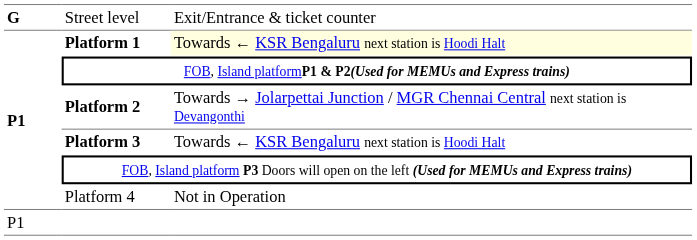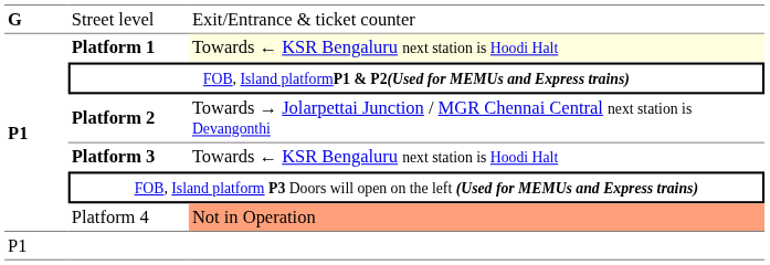 <table border="0" cellspacing="0" cellpadding="3">
 <tr>
 <td width="50" valign="top" style="border-top:solid 1px gray;border-bottom:solid 1px gray;"><strong>G</strong></td>
 <td width="100" valign="top" style="border-top:solid 1px gray;border-bottom:solid 1px gray;">Street level</td>
 <td width="390" valign="top" style="border-top:solid 1px gray;border-bottom:solid 1px gray;">Exit/Entrance & ticket counter</td>
 </tr>
 <tr>
 <td rowspan="6" width="50" valign="center" style="border-bottom:solid 1px gray;"><strong>P1</strong></td>
 <td width="100" style="border-bottom:solid 1px white;"><span><strong>Platform 1</strong></span></td>
 <td width="500" style="background: lightyellow; border-bottom:solid 1px white;">Towards ← <a href='#'>KSR Bengaluru</a> <small>next station is <a href='#'>Hoodi Halt</a></small></td>
 </tr>
 <tr>
 <td colspan="2" style="border-top:solid 2px black;border-right:solid 2px black;border-left:solid 2px black;border-bottom:solid 2px black;text-align:center;"><a href='#'><small>FOB</small></a><small>, <a href='#'>Island platform</a><strong>P1 & P2</strong><strong><em>(Used for MEMUs and Express trains)</em></strong></small></td>
 </tr>
 <tr>
 <td width="100" style="border-bottom:solid 1px gray;"><span><strong>Platform 2</strong></span></td>
 <td width="500" style="border-bottom:solid 1px gray;">Towards → <a href='#'>Jolarpettai Junction</a> / <a href='#'>MGR Chennai Central</a> <small>next station is <a href='#'>Devangonthi</a></small></td>
 </tr>
 <tr>
 <td width="100" style="border-bottom:solid 1px white;"><span><strong>Platform 3</strong></span></td>
 <td width="500" style="border-bottom:solid 1px white;">Towards ← <a href='#'>KSR Bengaluru</a> <small>next station is <a href='#'>Hoodi Halt</a></small></td>
 </tr>
 <tr>
 <td colspan="2" style="border-top:solid 2px black;border-right:solid 2px black;border-left:solid 2px black;border-bottom:solid 2px black;text-align:center;"><a href='#'><small>FOB</small></a><small>, <a href='#'>Island platform</a> <strong></strong> <strong>P3</strong> Doors will open on the left <strong><em>(Used for MEMUs and Express trains)<strong><em></small></td>
 </tr>
 <tr>
 <td width="100" style="border-bottom:solid 1px gray;"><span></strong>Platform 4<strong></span></td>
-<td width="500" style="border-bottom:solid 1px gray;"></em></strong>Not in Operation<strong><em></td>
+<td width="500" style="background: lightsalmon; border-bottom:solid 1px gray;"></em></strong>Not in Operation<strong><em></td>
 </tr>
 <tr>
 <td valign="top" width="50" style="border-bottom:solid 1px gray;"></strong>P1<strong></td>
 <td valign="top" width="50" style="border-bottom:solid 1px gray;"></td>
 <td valign="top" width="50" style="border-bottom:solid 1px gray;"></td>
 </tr>
 </table>
